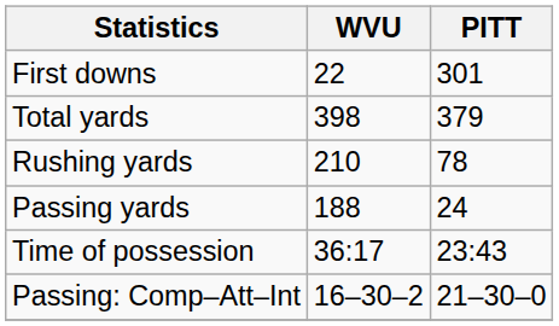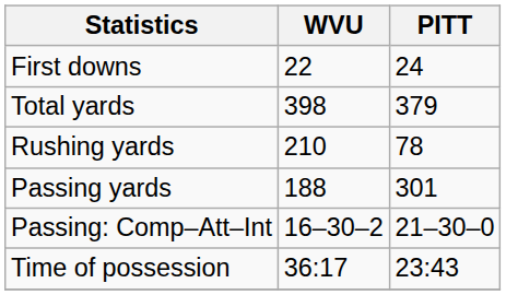 <table class="wikitable" style="float: left;">
 <tr>
 <th>Statistics</th>
 <th>WVU</th>
 <th>PITT</th>
 </tr>
 <tr>
 <td>First downs</td>
 <td>22</td>
-<td>301</td>
+<td>24</td>
 </tr>
 <tr>
 <td>Total yards</td>
 <td>398</td>
 <td>379</td>
 </tr>
 <tr>
 <td>Rushing yards</td>
 <td>210</td>
 <td>78</td>
 </tr>
 <tr>
 <td>Passing yards</td>
 <td>188</td>
-<td>24</td>
+<td>301</td>
+</tr>
+<tr>
+<td>Passing: Comp–Att–Int</td>
+<td>16–30–2</td>
+<td>21–30–0</td>
 </tr>
 <tr>
 <td>Time of possession</td>
 <td>36:17</td>
 <td>23:43</td>
 </tr>
 <tr>
-<td>Passing: Comp–Att–Int</td>
-<td>16–30–2</td>
-<td>21–30–0</td>
-</tr>
-<tr>
 </tr>
 </table>
